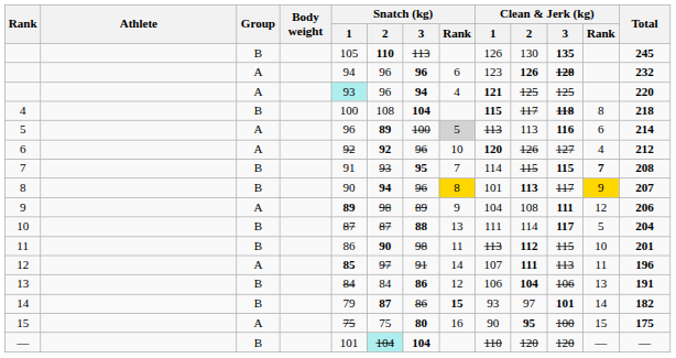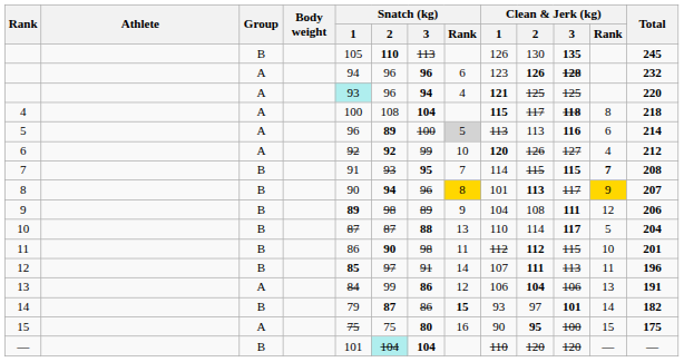 <table class = "wikitable" style="text-align:center;">
 <tr>
 <th rowspan=2 width=40>Rank</th>
 <th rowspan=2 width=250>Athlete</th>
 <th rowspan=2 width=50>Group</th>
 <th rowspan=2 width=60>Body weight</th>
 <th colspan=4>Snatch (kg)</th>
 <th colspan=4>Clean & Jerk (kg)</th>
 <th rowspan=2 width=60>Total</th>
 </tr>
 <tr>
 <th width=40>1</th>
 <th width=40>2</th>
 <th width=40>3</th>
 <th width=40>Rank</th>
 <th width=40>1</th>
 <th width=40>2</th>
 <th width=40>3</th>
 <th width=40>Rank</th>
 </tr>
 <tr>
 <td></td>
 <td align=left></td>
 <td>B</td>
 <td></td>
 <td>105</td>
 <td><strong>110</strong></td>
 <td><s>113</s></td>
 <td></td>
 <td>126</td>
 <td>130</td>
 <td><strong>135</strong></td>
 <td></td>
 <td><strong>245</strong></td>
 </tr>
 <tr>
 <td></td>
 <td align=left></td>
 <td>A</td>
 <td></td>
 <td>94</td>
 <td>96</td>
 <td><strong>96</strong></td>
 <td>6</td>
 <td>123</td>
 <td><strong>126</strong></td>
 <td><strong><s>128</s></strong></td>
 <td></td>
 <td><strong>232</strong></td>
 </tr>
 <tr>
 <td></td>
 <td align=left></td>
 <td>A</td>
 <td></td>
 <td style="background: paleturquoise;">93</td>
 <td>96</td>
 <td><strong>94</strong></td>
 <td>4</td>
 <td><strong>121</strong></td>
 <td><s>125</s></td>
 <td><s>125</s></td>
 <td></td>
 <td><strong>220</strong></td>
 </tr>
 <tr>
 <td>4</td>
 <td align=left></td>
-<td>B</td>
+<td>A</td>
 <td></td>
 <td>100</td>
 <td>108</td>
 <td><strong>104</strong></td>
 <td></td>
 <td><strong>115</strong></td>
 <td><s>117</s></td>
 <td><strong><s>118</s></strong></td>
 <td>8</td>
 <td><strong>218</strong></td>
 </tr>
 <tr>
 <td>5</td>
 <td align=left></td>
 <td>A</td>
 <td></td>
 <td>96</td>
 <td><strong>89</strong></td>
 <td><s>100</s></td>
 <td style="background: lightgrey;">5</td>
 <td><s>113</s></td>
 <td>113</td>
 <td><strong>116</strong></td>
 <td>6</td>
 <td><strong>214</strong></td>
 </tr>
 <tr>
 <td>6</td>
 <td align=left></td>
 <td>A</td>
 <td></td>
 <td><s>92</s></td>
 <td><strong>92</strong></td>
-<td><s>96</s></td>
+<td><s>99</s></td>
 <td>10</td>
 <td><strong>120</strong></td>
 <td><s>126</s></td>
 <td><s>127</s></td>
 <td>4</td>
 <td><strong>212</strong></td>
 </tr>
 <tr>
 <td>7</td>
 <td align=left></td>
 <td>B</td>
 <td></td>
 <td>91</td>
 <td><s>93</s></td>
 <td><strong>95</strong></td>
 <td>7</td>
 <td>114</td>
 <td><s>115</s></td>
 <td><strong>115</strong></td>
 <td><strong>7</strong></td>
 <td><strong>208</strong></td>
 </tr>
 <tr>
 <td>8</td>
 <td align=left></td>
 <td>B</td>
 <td></td>
 <td>90</td>
 <td><strong>94</strong></td>
 <td><s>96</s></td>
 <td style="background: gold;">8</td>
 <td>101</td>
 <td><strong>113</strong></td>
 <td><s>117</s></td>
 <td style="background: gold;">9</td>
 <td><strong>207</strong></td>
 </tr>
 <tr>
 <td>9</td>
 <td align=left></td>
-<td>A</td>
+<td>B</td>
 <td></td>
 <td><strong>89</strong></td>
 <td><s>98</s></td>
 <td><s>89</s></td>
 <td>9</td>
 <td>104</td>
 <td>108</td>
 <td><strong>111</strong></td>
 <td>12</td>
 <td><strong>206</strong></td>
 </tr>
 <tr>
 <td>10</td>
 <td align=left></td>
 <td>B</td>
 <td></td>
 <td><s>87</s></td>
 <td><s>87</s></td>
 <td><strong>88</strong></td>
 <td>13</td>
-<td>111</td>
+<td>110</td>
 <td>114</td>
 <td><strong>117</strong></td>
 <td>5</td>
 <td><strong>204</strong></td>
 </tr>
 <tr>
 <td>11</td>
 <td align=left></td>
 <td>B</td>
 <td></td>
 <td>86</td>
 <td><strong>90</strong></td>
 <td><s>98</s></td>
 <td>11</td>
-<td><s>113</s></td>
+<td><s>112</s></td>
 <td><strong>112</strong></td>
 <td><s>115</s></td>
 <td>10</td>
 <td><strong>201</strong></td>
 </tr>
 <tr>
 <td>12</td>
 <td align=left></td>
-<td>A</td>
+<td>B</td>
 <td></td>
 <td><strong>85</strong></td>
 <td><s>97</s></td>
 <td><s>91</s></td>
 <td>14</td>
 <td>107</td>
 <td><strong>111</strong></td>
 <td><s>113</s></td>
 <td>11</td>
 <td><strong>196</strong></td>
 </tr>
 <tr>
 <td>13</td>
 <td align=left></td>
-<td>B</td>
+<td>A</td>
 <td></td>
 <td><s>84</s></td>
-<td>84</td>
+<td>99</td>
 <td><strong>86</strong></td>
 <td>12</td>
 <td>106</td>
 <td><strong>104</strong></td>
 <td><s>106</s></td>
 <td>13</td>
 <td><strong>191</strong></td>
 </tr>
 <tr>
 <td>14</td>
 <td align=left></td>
 <td>B</td>
 <td></td>
 <td>79</td>
 <td><strong>87</strong></td>
 <td><s>86</s></td>
 <td><strong>15</strong></td>
 <td>93</td>
 <td>97</td>
 <td><strong>101</strong></td>
 <td>14</td>
 <td><strong>182</strong></td>
 </tr>
 <tr>
 <td>15</td>
 <td align=left></td>
 <td>A</td>
 <td></td>
 <td><s>75</s></td>
 <td>75</td>
 <td><strong>80</strong></td>
 <td>16</td>
 <td>90</td>
 <td><strong>95</strong></td>
 <td><s>100</s></td>
 <td>15</td>
 <td><strong>175</strong></td>
 </tr>
 <tr>
 <td>—</td>
 <td align=left></td>
 <td>B</td>
 <td></td>
 <td>101</td>
 <td style="background: paleturquoise;"><s>104</s></td>
 <td><strong>104</strong></td>
 <td></td>
 <td><s>110</s></td>
 <td><s>120</s></td>
 <td><s>120</s></td>
 <td>—</td>
 <td>—</td>
 </tr>
 </table>
